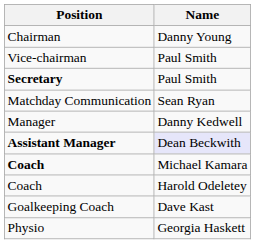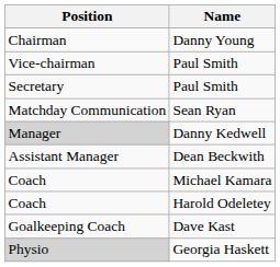 <table class=wikitable>
 <tr>
 <th>Position</th>
 <th>Name</th>
 </tr>
 <tr>
 <td>Chairman</td>
 <td>Danny Young</td>
 </tr>
 <tr>
 <td>Vice-chairman</td>
 <td>Paul Smith</td>
 </tr>
 <tr>
-<td><strong>Secretary</strong></td>
+<td>Secretary</td>
 <td>Paul Smith</td>
 </tr>
 <tr>
 <td>Matchday Communication</td>
 <td>Sean Ryan</td>
 </tr>
 <tr>
-<td>Manager</td>
+<td style="background: lightgrey;">Manager</td>
 <td>Danny Kedwell</td>
 </tr>
 <tr>
-<td><strong>Assistant Manager</strong></td>
-<td style="background: lavender;">Dean Beckwith</td>
+<td>Assistant Manager</td>
+<td>Dean Beckwith</td>
 </tr>
 <tr>
-<td><strong>Coach</strong></td>
+<td>Coach</td>
 <td>Michael Kamara</td>
 </tr>
 <tr>
 <td>Coach</td>
 <td>Harold Odeletey</td>
 </tr>
 <tr>
 <td>Goalkeeping Coach</td>
 <td>Dave Kast</td>
 </tr>
 <tr>
-<td>Physio</td>
+<td style="background: lightgrey;">Physio</td>
 <td>Georgia Haskett</td>
 </tr>
 </table>
